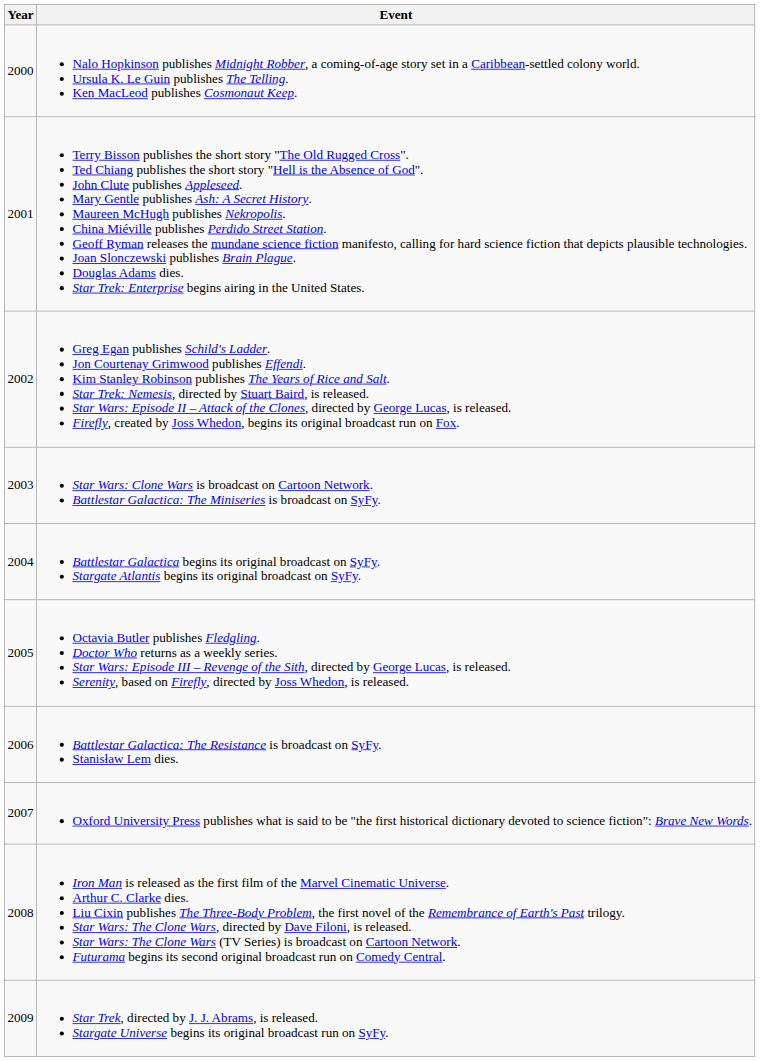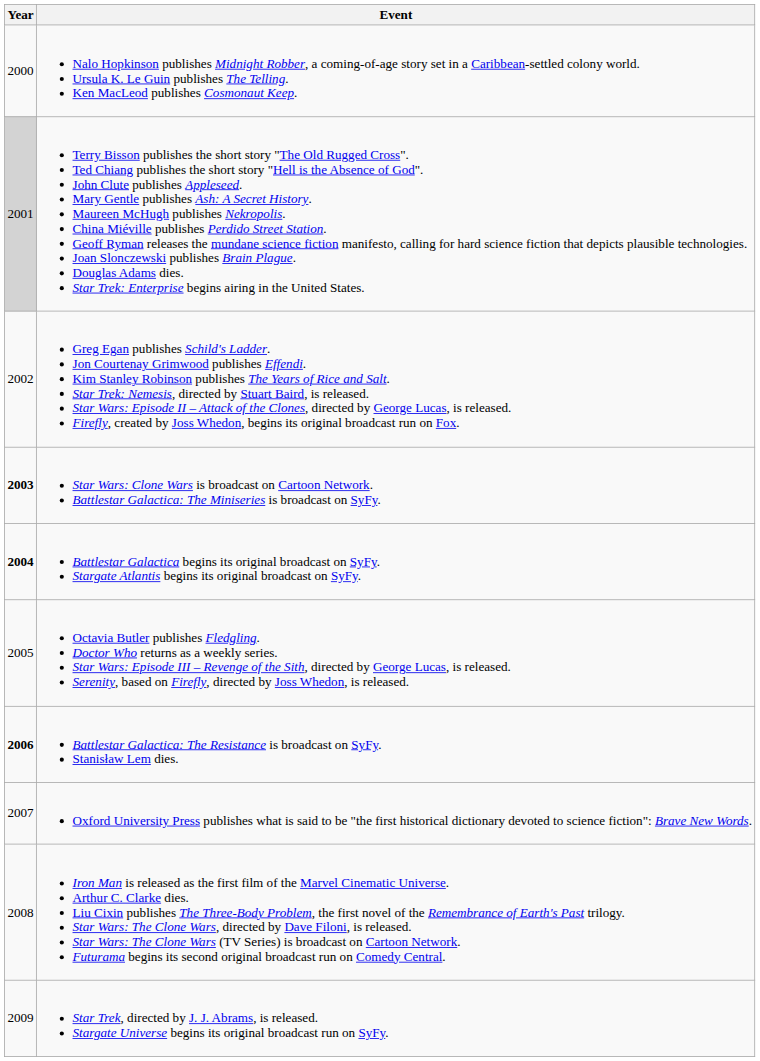 <table class="wikitable">
 <tr>
 <th scope="col">Year</th>
 <th scope="col">Event</th>
 </tr>
 <tr>
 <td>2000</td>
 <td><br><ul><li><a href='#'>Nalo Hopkinson</a> publishes <em><a href='#'>Midnight Robber</a></em>, a coming-of-age story set in a <a href='#'>Caribbean</a>-settled colony world.</li><li><a href='#'>Ursula K. Le Guin</a> publishes <em><a href='#'>The Telling</a></em>.</li><li><a href='#'>Ken MacLeod</a> publishes <em><a href='#'>Cosmonaut Keep</a></em>.</li></ul></td>
 </tr>
 <tr>
-<td>2001</td>
+<td style="background: lightgrey;">2001</td>
 <td><br><ul><li><a href='#'>Terry Bisson</a> publishes the short story "<a href='#'>The Old Rugged Cross</a>".</li><li><a href='#'>Ted Chiang</a> publishes the short story "<a href='#'>Hell is the Absence of God</a>".</li><li><a href='#'>John Clute</a> publishes <em><a href='#'>Appleseed</a></em>.</li><li><a href='#'>Mary Gentle</a> publishes <em><a href='#'>Ash: A Secret History</a></em>.</li><li><a href='#'>Maureen McHugh</a> publishes <em><a href='#'>Nekropolis</a></em>.</li><li><a href='#'>China Miéville</a> publishes <em><a href='#'>Perdido Street Station</a></em>.</li><li><a href='#'>Geoff Ryman</a> releases the <a href='#'>mundane science fiction</a> manifesto, calling for hard science fiction that depicts plausible technologies.</li><li><a href='#'>Joan Slonczewski</a> publishes <em><a href='#'>Brain Plague</a></em>.</li><li><a href='#'>Douglas Adams</a> dies.</li><li><em><a href='#'>Star Trek: Enterprise</a></em> begins airing in the United States.</li></ul></td>
 </tr>
 <tr>
 <td>2002</td>
 <td><br><ul><li><a href='#'>Greg Egan</a> publishes <em><a href='#'>Schild's Ladder</a></em>.</li><li><a href='#'>Jon Courtenay Grimwood</a> publishes <em><a href='#'>Effendi</a></em>.</li><li><a href='#'>Kim Stanley Robinson</a> publishes <em><a href='#'>The Years of Rice and Salt</a></em>.</li><li><em><a href='#'>Star Trek: Nemesis</a></em>, directed by <a href='#'>Stuart Baird</a>, is released.</li><li><em><a href='#'>Star Wars: Episode II – Attack of the Clones</a></em>, directed by <a href='#'>George Lucas</a>, is released.</li><li><em><a href='#'>Firefly</a></em>, created by <a href='#'>Joss Whedon</a>, begins its original broadcast run on <a href='#'>Fox</a>.</li></ul></td>
 </tr>
 <tr>
-<td>2003</td>
+<td><strong>2003</strong></td>
 <td><br><ul><li><em><a href='#'>Star Wars: Clone Wars</a></em> is broadcast on <a href='#'>Cartoon Network</a>.</li><li><em><a href='#'>Battlestar Galactica: The Miniseries</a></em> is broadcast on <a href='#'>SyFy</a>.</li></ul></td>
 </tr>
 <tr>
-<td>2004</td>
+<td><strong>2004</strong></td>
 <td><br><ul><li><em><a href='#'>Battlestar Galactica</a></em> begins its original broadcast on <a href='#'>SyFy</a>.</li><li><em><a href='#'>Stargate Atlantis</a></em> begins its original broadcast on <a href='#'>SyFy</a>.</li></ul></td>
 </tr>
 <tr>
 <td>2005</td>
 <td><br><ul><li><a href='#'>Octavia Butler</a> publishes <em><a href='#'>Fledgling</a></em>.</li><li><em><a href='#'>Doctor Who</a></em> returns as a weekly series.</li><li><em><a href='#'>Star Wars: Episode III – Revenge of the Sith</a></em>, directed by <a href='#'>George Lucas</a>, is released.</li><li><em><a href='#'>Serenity</a></em>, based on <em><a href='#'>Firefly</a></em>, directed by <a href='#'>Joss Whedon</a>, is released.</li></ul></td>
 </tr>
 <tr>
-<td>2006</td>
+<td><strong>2006</strong></td>
 <td><br><ul><li><em><a href='#'>Battlestar Galactica: The Resistance</a></em> is broadcast on <a href='#'>SyFy</a>.</li><li><a href='#'>Stanisław Lem</a> dies.</li></ul></td>
 </tr>
 <tr>
 <td>2007</td>
 <td><br><ul><li><a href='#'>Oxford University Press</a> publishes what is said to be "the first historical dictionary devoted to science fiction": <em><a href='#'>Brave New Words</a></em>.</li></ul></td>
 </tr>
 <tr>
 <td>2008</td>
 <td><br><ul><li><em><a href='#'>Iron Man</a></em> is released as the first film of the <a href='#'>Marvel Cinematic Universe</a>.</li><li><a href='#'>Arthur C. Clarke</a> dies.</li><li><a href='#'>Liu Cixin</a> publishes <em><a href='#'>The Three-Body Problem</a></em>, the first novel of the <em><a href='#'>Remembrance of Earth's Past</a></em> trilogy.</li><li><em><a href='#'>Star Wars: The Clone Wars</a></em>, directed by <a href='#'>Dave Filoni</a>, is released.</li><li><em><a href='#'>Star Wars: The Clone Wars</a></em> (TV Series) is broadcast on <a href='#'>Cartoon Network</a>.</li><li><em><a href='#'>Futurama</a></em> begins its second original broadcast run on <a href='#'>Comedy Central</a>.</li></ul></td>
 </tr>
 <tr>
 <td>2009</td>
 <td><br><ul><li><em><a href='#'>Star Trek</a></em>, directed by <a href='#'>J. J. Abrams</a>, is released.</li><li><em><a href='#'>Stargate Universe</a></em> begins its original broadcast run on <a href='#'>SyFy</a>.</li></ul></td>
 </tr>
 </table>
